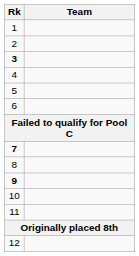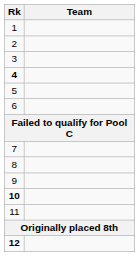 <table class=wikitable style=text-align:center>
 <tr>
 <th width=25>Rk</th>
 <th width=170>Team</th>
 </tr>
 <tr>
 <td>1</td>
 <td align=left></td>
 </tr>
 <tr>
 <td>2</td>
 <td align=left></td>
 </tr>
 <tr>
-<td><strong>3</strong></td>
+<td>3</td>
 <td align=left></td>
 </tr>
 <tr>
-<td>4</td>
+<td><strong>4</strong></td>
 <td align=left></td>
 </tr>
 <tr>
 <td>5</td>
 <td align=left></td>
 </tr>
 <tr>
 <td>6</td>
 <td align=left></td>
 </tr>
 <tr>
 <th colspan="6">Failed to qualify for Pool C</th>
 </tr>
 <tr>
-<td><strong>7</strong></td>
+<td>7</td>
 <td align=left></td>
 </tr>
 <tr>
 <td>8</td>
 <td align=left></td>
 </tr>
 <tr>
-<td><strong>9</strong></td>
+<td>9</td>
 <td align=left></td>
 </tr>
 <tr>
-<td>10</td>
+<td><strong>10</strong></td>
 <td align=left></td>
 </tr>
 <tr>
 <td>11</td>
 <td align=left></td>
 </tr>
 <tr>
 <th colspan="6">Originally placed 8th</th>
 </tr>
 <tr>
-<td>12</td>
+<td><strong>12</strong></td>
 <td align=left></td>
 </tr>
 </table>
